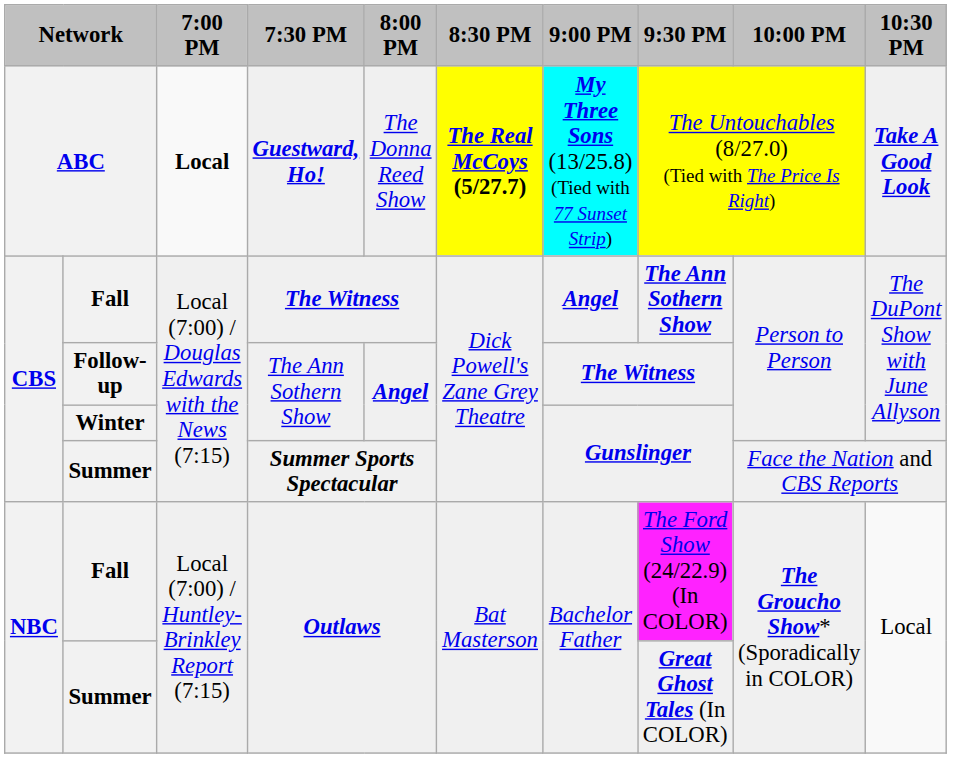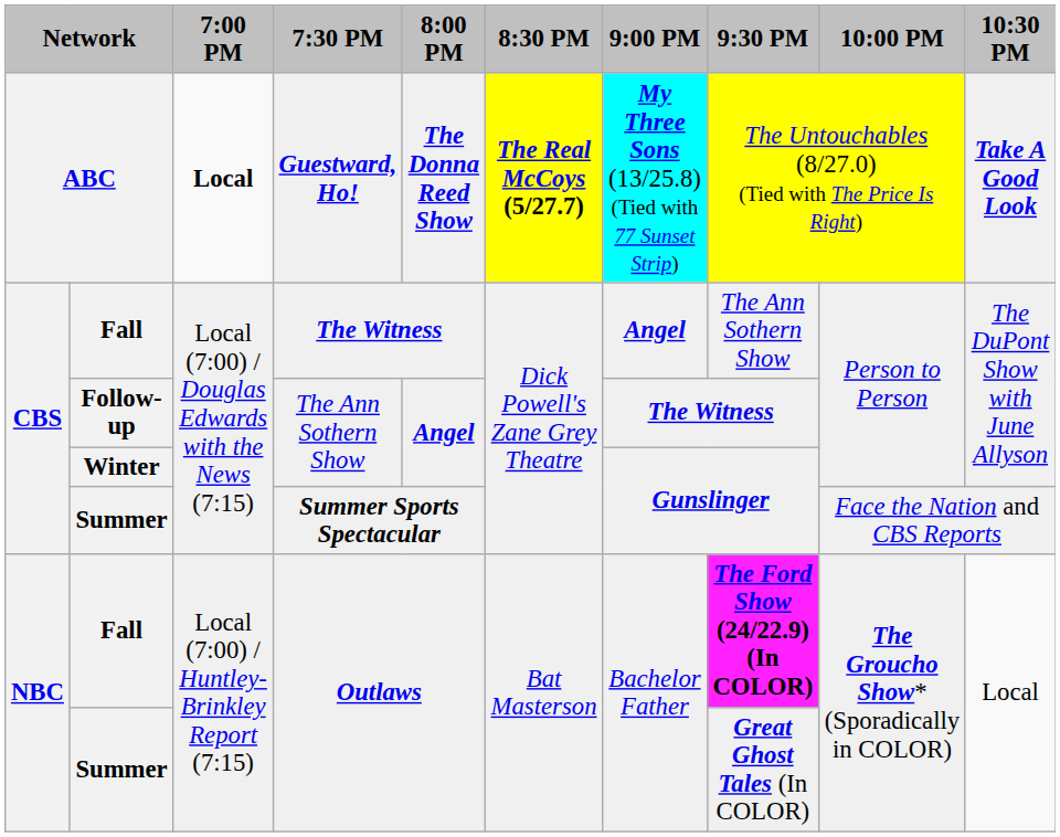 <table class="wikitable" style="width:100%;margin-right:0;text-align:center">
 <tr>
 <th colspan="2" style="background-color:#C0C0C0;text-align:center">Network</th>
 <th style="background-color:#C0C0C0;text-align:center">7:00 PM</th>
 <th style="background-color:#C0C0C0;text-align:center">7:30 PM</th>
 <th style="background-color:#C0C0C0;text-align:center">8:00 PM</th>
 <th style="background-color:#C0C0C0;text-align:center">8:30 PM</th>
 <th style="background-color:#C0C0C0;text-align:center">9:00 PM</th>
 <th style="background-color:#C0C0C0;text-align:center">9:30 PM</th>
 <th style="background-color:#C0C0C0;text-align:center">10:00 PM</th>
 <th style="background-color:#C0C0C0;text-align:center">10:30 PM</th>
 </tr>
 <tr>
 <th colspan="2"><a href='#'>ABC</a></th>
 <td><strong>Local</strong></td>
 <td bgcolor="#F0F0F0"><strong><em><a href='#'>Guestward, Ho!</a></em></strong></td>
-<td bgcolor="#F0F0F0"><em><a href='#'>The Donna Reed Show</a></em></td>
+<td bgcolor="#F0F0F0"><strong><em><a href='#'>The Donna Reed Show</a></em></strong></td>
 <td bgcolor="#FFFF00"><strong><em><a href='#'>The Real McCoys</a></em> (5/27.7)</strong></td>
 <td bgcolor="#00FFFF"><strong><em><a href='#'>My Three Sons</a></em></strong> (13/25.8)<br><small>(Tied with <em><a href='#'>77 Sunset Strip</a></em>)</small></td>
 <td bgcolor="#FFFF00" colspan="2"><em><a href='#'>The Untouchables</a></em> (8/27.0)<br><small>(Tied with <em><a href='#'>The Price Is Right</a></em>)</small></td>
 <td bgcolor="#F0F0F0"><strong><em><a href='#'>Take A Good Look</a></em></strong></td>
 </tr>
 <tr>
 <th rowspan="4"><a href='#'>CBS</a></th>
 <th>Fall</th>
 <td rowspan="4" bgcolor="#F0F0F0">Local (7:00) / <em><a href='#'>Douglas Edwards with the News</a></em> (7:15)</td>
 <td bgcolor="#F0F0F0" colspan="2"><strong><em><a href='#'>The Witness</a></em></strong></td>
 <td rowspan="4" bgcolor="#F0F0F0"><em><a href='#'>Dick Powell's Zane Grey Theatre</a></em></td>
 <td bgcolor="#F0F0F0"><strong><em><a href='#'>Angel</a></em></strong></td>
-<td bgcolor="#F0F0F0"><strong><em><a href='#'>The Ann Sothern Show</a></em></strong></td>
+<td bgcolor="#F0F0F0"><em><a href='#'>The Ann Sothern Show</a></em></td>
 <td bgcolor="#F0F0F0" rowspan="3"><em><a href='#'>Person to Person</a></em></td>
 <td bgcolor="#F0F0F0" rowspan="3"><em><a href='#'>The DuPont Show with June Allyson</a></em></td>
 </tr>
 <tr>
 <th>Follow-up</th>
 <td bgcolor="#F0F0F0" rowspan="2"><em><a href='#'>The Ann Sothern Show</a></em></td>
 <td rowspan="2" bgcolor="#F0F0F0"><strong><em><a href='#'>Angel</a></em></strong></td>
 <td colspan="2" bgcolor="#F0F0F0"><strong><em><a href='#'>The Witness</a></em></strong></td>
 </tr>
 <tr>
 <th>Winter</th>
 <td colspan="2" rowspan="2" bgcolor="#F0F0F0"><strong><em><a href='#'>Gunslinger</a></em></strong></td>
 </tr>
 <tr>
 <th>Summer</th>
 <td colspan="2" bgcolor="#F0F0F0"><strong><em>Summer Sports Spectacular</em></strong></td>
 <td colspan="2" bgcolor="#F0F0F0"><em><a href='#'>Face the Nation</a></em> and <em><a href='#'>CBS Reports</a></em></td>
 </tr>
 <tr>
 <th rowspan="2"><a href='#'>NBC</a></th>
 <th>Fall</th>
 <td bgcolor="#F0F0F0" rowspan="2">Local (7:00) / <em><a href='#'>Huntley-Brinkley Report</a></em> (7:15)</td>
 <td bgcolor="#F0F0F0" colspan="2" rowspan="2"><strong><em><a href='#'>Outlaws</a></em></strong></td>
 <td bgcolor="#F0F0F0" rowspan="2"><em><a href='#'>Bat Masterson</a></em></td>
 <td bgcolor="#F0F0F0" rowspan="2"><em><a href='#'>Bachelor Father</a></em></td>
-<td bgcolor="#FF22FF"><em><a href='#'>The Ford Show</a></em> (24/22.9) (In <span>C</span><span>O</span><span>L</span><span>O</span><span>R</span>)</td>
+<td bgcolor="#FF22FF"><strong><em><a href='#'>The Ford Show</a></em> (24/22.9) (In <span>C</span><span>O</span><span>L</span><span>O</span><span>R</span>)</strong></td>
 <td bgcolor="#F0F0F0" rowspan="2"><strong><em><a href='#'>The Groucho Show</a></em></strong>* (Sporadically  in <span>C</span><span>O</span><span>L</span><span>O</span><span>R</span>)</td>
 <td rowspan="2">Local</td>
 </tr>
 <tr>
 <th>Summer</th>
 <td bgcolor="#F0F0F0"><strong><em><a href='#'>Great Ghost Tales</a></em></strong> (In <span>C</span><span>O</span><span>L</span><span>O</span><span>R</span>)</td>
 </tr>
 </table>
